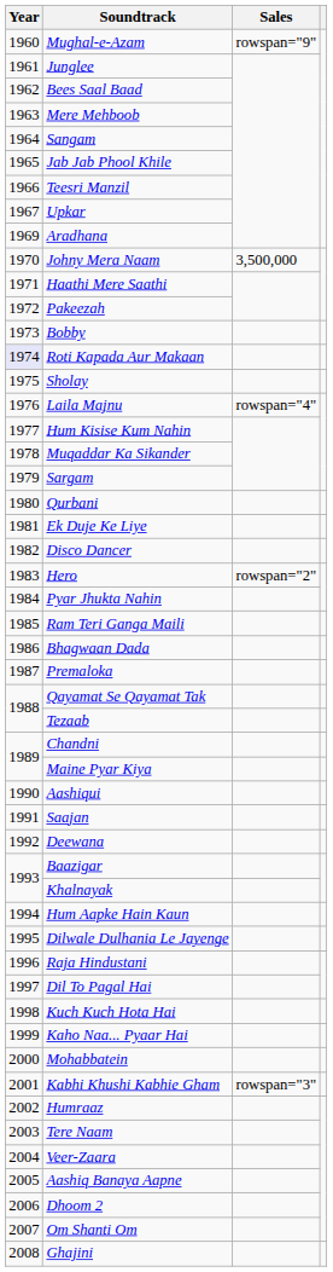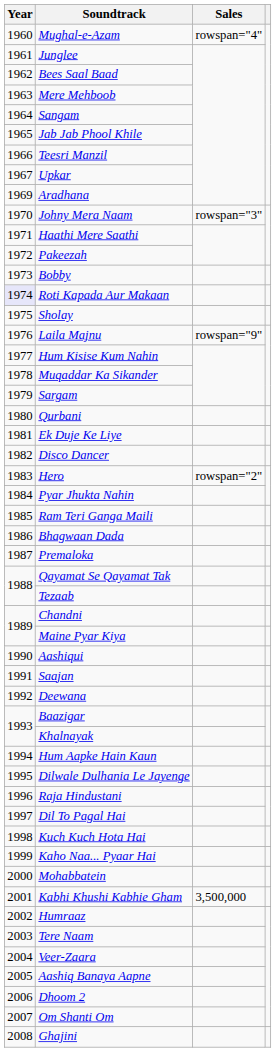 <table class="wikitable sortable">
 <tr>
 <th scope="col">Year</th>
 <th scope="col">Soundtrack</th>
 <th scope="col">Sales</th>
 <th scope="col"></th>
 </tr>
 <tr>
 <td>1960</td>
 <td><em><a href='#'>Mughal-e-Azam</a></em></td>
-<td>rowspan="9" </td>
+<td>rowspan="4" </td>
 <td rowspan="9"></td>
 </tr>
 <tr>
 <td>1961</td>
 <td><em><a href='#'>Junglee</a></em></td>
 </tr>
 <tr>
 <td>1962</td>
 <td><em><a href='#'>Bees Saal Baad</a></em></td>
 </tr>
 <tr>
 <td>1963</td>
 <td><em><a href='#'>Mere Mehboob</a></em></td>
 </tr>
 <tr>
 <td>1964</td>
 <td><em><a href='#'>Sangam</a></em></td>
 </tr>
 <tr>
 <td>1965</td>
 <td><em><a href='#'>Jab Jab Phool Khile</a></em></td>
 </tr>
 <tr>
 <td>1966</td>
 <td><em><a href='#'>Teesri Manzil</a></em></td>
 </tr>
 <tr>
 <td>1967</td>
 <td><em><a href='#'>Upkar</a></em></td>
 </tr>
 <tr>
 <td>1969</td>
 <td><em><a href='#'>Aradhana</a></em></td>
 </tr>
 <tr>
 <td>1970</td>
 <td><em><a href='#'>Johny Mera Naam</a></em></td>
-<td>3,500,000</td>
+<td>rowspan="3" </td>
 <td rowspan="3"></td>
 </tr>
 <tr>
 <td>1971</td>
 <td><em><a href='#'>Haathi Mere Saathi</a></em></td>
 </tr>
 <tr>
 <td>1972</td>
 <td><em><a href='#'>Pakeezah</a></em></td>
 </tr>
 <tr>
 <td>1973</td>
 <td><em><a href='#'>Bobby</a></em></td>
 <td></td>
 <td></td>
 </tr>
 <tr>
 <td style="background: lavender;">1974</td>
 <td><em><a href='#'>Roti Kapada Aur Makaan</a></em></td>
 <td></td>
 <td></td>
 </tr>
 <tr>
 <td>1975</td>
 <td><em><a href='#'>Sholay</a></em></td>
 <td></td>
 <td></td>
 </tr>
 <tr>
 <td>1976</td>
 <td><em><a href='#'>Laila Majnu</a></em></td>
-<td>rowspan="4" </td>
+<td>rowspan="9" </td>
 <td rowspan="4"></td>
 </tr>
 <tr>
 <td>1977</td>
 <td><em><a href='#'>Hum Kisise Kum Nahin</a></em></td>
 </tr>
 <tr>
 <td>1978</td>
 <td><em><a href='#'>Muqaddar Ka Sikander</a></em></td>
 </tr>
 <tr>
 <td>1979</td>
 <td><em><a href='#'>Sargam</a></em></td>
 </tr>
 <tr>
 <td>1980</td>
 <td><em><a href='#'>Qurbani</a></em></td>
 <td></td>
 <td></td>
 </tr>
 <tr>
 <td>1981</td>
 <td><em><a href='#'>Ek Duje Ke Liye</a></em></td>
 <td></td>
 <td></td>
 </tr>
 <tr>
 <td>1982</td>
 <td><em><a href='#'>Disco Dancer</a></em></td>
 <td></td>
 <td></td>
 </tr>
 <tr>
 <td>1983</td>
 <td><em><a href='#'>Hero</a></em></td>
 <td>rowspan="2" </td>
 <td rowspan="2"></td>
 </tr>
 <tr>
 <td>1984</td>
 <td><em><a href='#'>Pyar Jhukta Nahin</a></em></td>
 </tr>
 <tr>
 <td>1985</td>
 <td><em><a href='#'>Ram Teri Ganga Maili</a></em></td>
 <td></td>
 <td></td>
 </tr>
 <tr>
 <td>1986</td>
 <td><em><a href='#'>Bhagwaan Dada</a></em></td>
 <td></td>
 <td></td>
 </tr>
 <tr>
 <td>1987</td>
 <td><em><a href='#'>Premaloka</a></em></td>
 <td></td>
 <td></td>
 </tr>
 <tr>
 <td rowspan="2">1988</td>
 <td><em><a href='#'>Qayamat Se Qayamat Tak</a></em></td>
 <td></td>
 <td></td>
 </tr>
 <tr>
 <td><em><a href='#'>Tezaab</a></em></td>
 <td></td>
 <td></td>
 </tr>
 <tr>
 <td rowspan="2">1989</td>
 <td><em><a href='#'>Chandni</a></em></td>
 <td></td>
 <td></td>
 </tr>
 <tr>
 <td><em><a href='#'>Maine Pyar Kiya</a></em></td>
 <td></td>
 <td></td>
 </tr>
 <tr>
 <td>1990</td>
 <td><em><a href='#'>Aashiqui</a></em></td>
 <td></td>
 <td></td>
 </tr>
 <tr>
 <td>1991</td>
 <td><em><a href='#'>Saajan</a></em></td>
 <td></td>
 <td></td>
 </tr>
 <tr>
 <td>1992</td>
 <td><em><a href='#'>Deewana</a></em></td>
 <td></td>
 <td></td>
 </tr>
 <tr>
 <td rowspan="2">1993</td>
 <td><em><a href='#'>Baazigar</a></em></td>
 <td></td>
 <td rowspan="2"></td>
 </tr>
 <tr>
 <td><em><a href='#'>Khalnayak</a></em></td>
 <td></td>
 </tr>
 <tr>
 <td>1994</td>
 <td><em><a href='#'>Hum Aapke Hain Kaun</a></em></td>
 <td></td>
 <td></td>
 </tr>
 <tr>
 <td>1995</td>
 <td><em><a href='#'>Dilwale Dulhania Le Jayenge</a></em></td>
 <td></td>
 <td></td>
 </tr>
 <tr>
 <td>1996</td>
 <td><em><a href='#'>Raja Hindustani</a></em></td>
 <td></td>
 <td rowspan="2"></td>
 </tr>
 <tr>
 <td>1997</td>
 <td><em><a href='#'>Dil To Pagal Hai</a></em></td>
 <td></td>
 </tr>
 <tr>
 <td>1998</td>
 <td><em><a href='#'>Kuch Kuch Hota Hai</a></em></td>
 <td></td>
 <td></td>
 </tr>
 <tr>
 <td>1999</td>
 <td><em><a href='#'>Kaho Naa... Pyaar Hai</a></em></td>
 <td></td>
 <td></td>
 </tr>
 <tr>
 <td>2000</td>
 <td><em><a href='#'>Mohabbatein</a></em></td>
 <td></td>
 <td></td>
 </tr>
 <tr>
 <td>2001</td>
 <td><em><a href='#'>Kabhi Khushi Kabhie Gham</a></em></td>
-<td>rowspan="3" </td>
+<td>3,500,000</td>
 <td></td>
 </tr>
 <tr>
 <td>2002</td>
 <td><em><a href='#'>Humraaz</a></em></td>
 <td></td>
 <td rowspan="6"></td>
 </tr>
 <tr>
 <td>2003</td>
 <td><em><a href='#'>Tere Naam</a></em></td>
 <td></td>
 </tr>
 <tr>
 <td>2004</td>
 <td><em><a href='#'>Veer-Zaara</a></em></td>
 <td></td>
 </tr>
 <tr>
 <td>2005</td>
 <td><em><a href='#'>Aashiq Banaya Aapne</a></em></td>
 <td></td>
 </tr>
 <tr>
 <td>2006</td>
 <td><em><a href='#'>Dhoom 2 </a></em></td>
 <td></td>
 </tr>
 <tr>
 <td>2007</td>
 <td><em><a href='#'>Om Shanti Om</a></em></td>
 <td></td>
 </tr>
 <tr>
 <td>2008</td>
 <td><em><a href='#'>Ghajini</a></em></td>
 <td></td>
 <td></td>
 </tr>
 </table>
